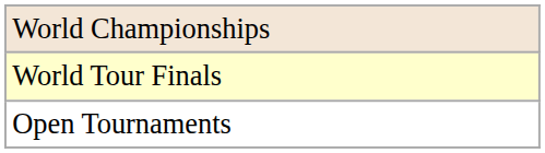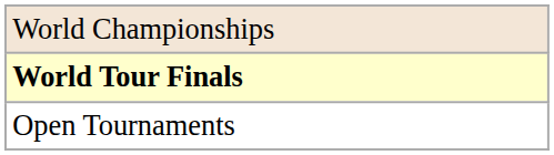 <table class=wikitable style=font-size:85%;width:20%>
 <tr bgcolor=#F3E6D7>
 <td>World Championships</td>
 </tr>
 <tr bgcolor=#ffffcc>
-<td>World Tour Finals</td>
+<td><strong>World Tour Finals</strong></td>
 </tr>
 <tr bgcolor=#ffffff>
 <td>Open Tournaments</td>
 </tr>
 </table>
